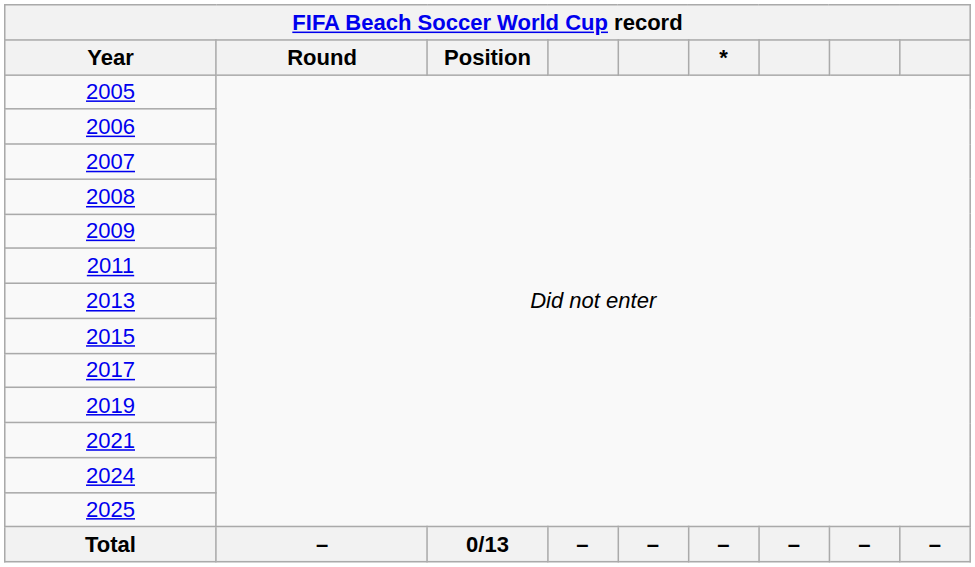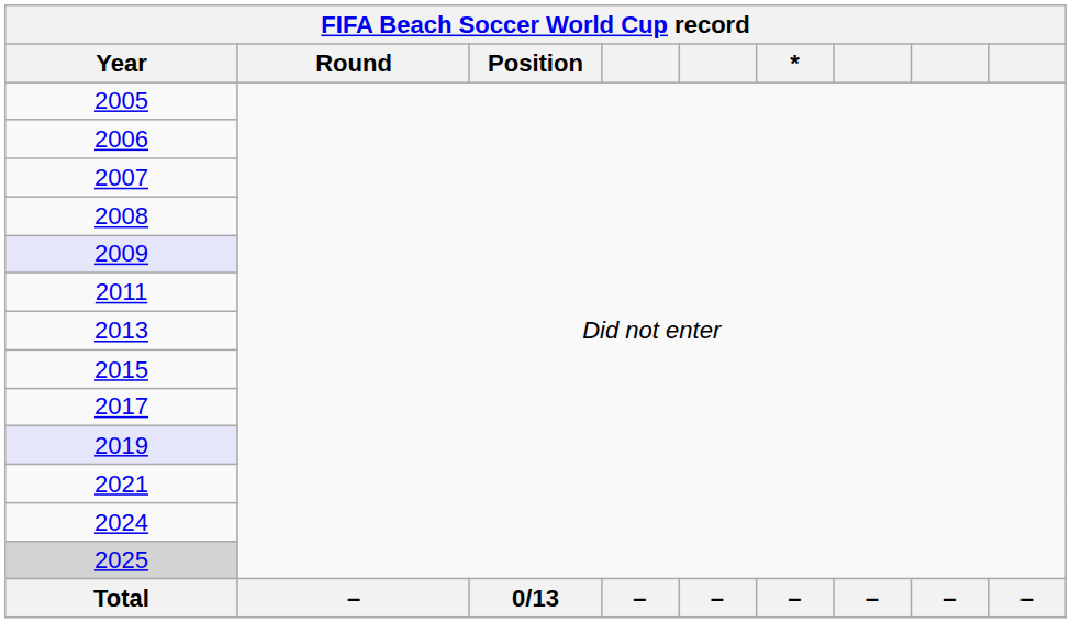 <table class="wikitable" width="50%" style="font-size:90%; text-align:center;">
 <tr>
 <th colspan="9"><a href='#'>FIFA Beach Soccer World Cup</a> record</th>
 </tr>
 <tr>
 <th width="15%">Year</th>
 <th width="15%">Round</th>
 <th width="5%">Position</th>
 <th width="5%"></th>
 <th width="5%"></th>
 <th width="5%">*</th>
 <th width="5%"></th>
 <th width="5%"></th>
 <th width="5%"></th>
 </tr>
 <tr>
 <td> <a href='#'>2005</a></td>
 <td colspan="8" rowspan="13"><em>Did not enter</em></td>
 </tr>
 <tr bgcolor="">
 <td> <a href='#'>2006</a></td>
 </tr>
 <tr>
 <td> <a href='#'>2007</a></td>
 </tr>
 <tr>
 <td> <a href='#'>2008</a></td>
 </tr>
 <tr>
-<td> <a href='#'>2009</a></td>
+<td style="background: lavender;"> <a href='#'>2009</a></td>
 </tr>
 <tr>
 <td> <a href='#'>2011</a></td>
 </tr>
 <tr>
 <td> <a href='#'>2013</a></td>
 </tr>
 <tr>
 <td> <a href='#'>2015</a></td>
 </tr>
 <tr>
 <td> <a href='#'>2017</a></td>
 </tr>
 <tr>
-<td> <a href='#'>2019</a></td>
+<td style="background: lavender;"> <a href='#'>2019</a></td>
 </tr>
 <tr>
 <td> <a href='#'>2021</a></td>
 </tr>
 <tr>
 <td> <a href='#'>2024</a></td>
 </tr>
 <tr>
-<td> <a href='#'>2025</a></td>
+<td style="background: lightgrey;"> <a href='#'>2025</a></td>
 </tr>
 <tr>
 <th>Total</th>
 <th>–</th>
 <th>0/13</th>
 <th>–</th>
 <th>–</th>
 <th>–</th>
 <th>–</th>
 <th>–</th>
 <th>–</th>
 </tr>
 </table>
